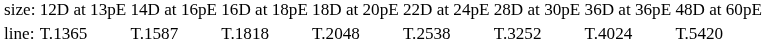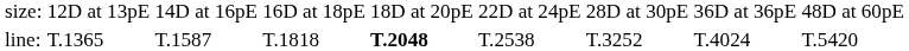 <table style="margin-left:40px;">
 <tr>
 <td>size:</td>
 <td>12D at 13pE</td>
 <td>14D at 16pE</td>
 <td>16D at 18pE</td>
 <td>18D at 20pE</td>
 <td>22D at 24pE</td>
 <td>28D at 30pE</td>
 <td>36D at 36pE</td>
 <td>48D at 60pE</td>
 </tr>
 <tr>
 <td>line:</td>
 <td>T.1365</td>
 <td>T.1587</td>
 <td>T.1818</td>
-<td>T.2048</td>
+<td><strong>T.2048</strong></td>
 <td>T.2538</td>
 <td>T.3252</td>
 <td>T.4024</td>
 <td>T.5420</td>
 </tr>
 </table>
